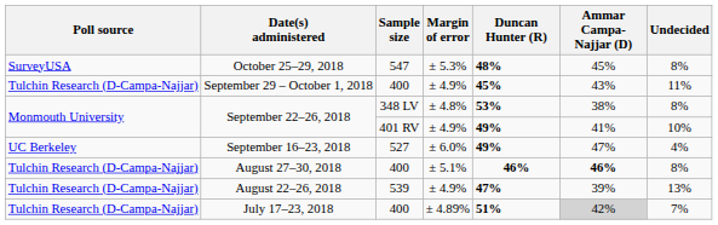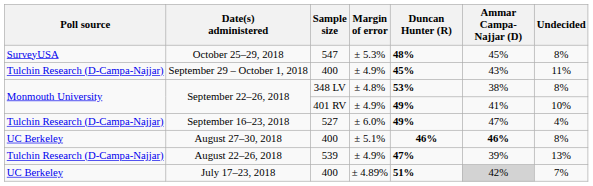 <table class="wikitable">
 <tr>
 <th>Poll source</th>
 <th>Date(s)<br>administered</th>
 <th>Sample<br>size</th>
 <th>Margin<br>of error</th>
 <th style="width:100px;">Duncan<br>Hunter (R)</th>
 <th style="width:100px;">Ammar<br>Campa-Najjar (D)</th>
 <th>Undecided</th>
 </tr>
 <tr>
 <td><a href='#'>SurveyUSA</a></td>
 <td style="text-align:center">October 25–29, 2018</td>
 <td style="text-align:center">547</td>
 <td style="text-align:center">± 5.3%</td>
 <td style="background-color:"><strong>48%</strong></td>
 <td style="text-align:center">45%</td>
 <td style="text-align:center">8%</td>
 </tr>
 <tr>
 <td><a href='#'>Tulchin Research (D-Campa-Najjar)</a></td>
 <td style="text-align:center">September 29 – October 1, 2018</td>
 <td style="text-align:center">400</td>
 <td style="text-align:center">± 4.9%</td>
 <td style="background-color:"><strong>45%</strong></td>
 <td style="text-align:center">43%</td>
 <td style="text-align:center">11%</td>
 </tr>
 <tr>
 <td rowspan=2><a href='#'>Monmouth University</a></td>
 <td rowspan=2 style="text-align:center">September 22–26, 2018</td>
 <td style="text-align:center">348 LV</td>
 <td style="text-align:center">± 4.8%</td>
 <td style="background-color:"><strong>53%</strong></td>
 <td style="text-align:center">38%</td>
 <td style="text-align:center">8%</td>
 </tr>
 <tr>
 <td style="text-align:center">401 RV</td>
 <td style="text-align:center">± 4.9%</td>
 <td style="background-color:"><strong>49%</strong></td>
 <td style="text-align:center">41%</td>
 <td style="text-align:center">10%</td>
 </tr>
 <tr>
-<td><a href='#'>UC Berkeley</a></td>
+<td><a href='#'>Tulchin Research (D-Campa-Najjar)</a></td>
 <td style="text-align:center">September 16–23, 2018</td>
 <td style="text-align:center">527</td>
 <td style="text-align:center">± 6.0%</td>
 <td style="background-color:"><strong>49%</strong></td>
 <td style="text-align:center">47%</td>
 <td style="text-align:center">4%</td>
 </tr>
 <tr>
-<td><a href='#'>Tulchin Research (D-Campa-Najjar)</a></td>
+<td><a href='#'>UC Berkeley</a></td>
 <td style="text-align:center">August 27–30, 2018</td>
 <td style="text-align:center">400</td>
 <td style="text-align:center">± 5.1%</td>
 <td style="text-align:center"><strong>46%</strong></td>
 <td style="text-align:center"><strong>46%</strong></td>
 <td style="text-align:center">8%</td>
 </tr>
 <tr>
 <td><a href='#'>Tulchin Research (D-Campa-Najjar)</a></td>
 <td style="text-align:center">August 22–26, 2018</td>
 <td style="text-align:center">539</td>
 <td style="text-align:center">± 4.9%</td>
 <td style="background-color:"><strong>47%</strong></td>
 <td style="text-align:center">39%</td>
 <td style="text-align:center">13%</td>
 </tr>
 <tr>
-<td><a href='#'>Tulchin Research (D-Campa-Najjar)</a></td>
+<td><a href='#'>UC Berkeley</a></td>
 <td style="text-align:center">July 17–23, 2018</td>
 <td style="text-align:center">400</td>
 <td style="text-align:center">± 4.89%</td>
 <td style="background-color:"><strong>51%</strong></td>
 <td style="background: lightgrey; text-align:center">42%</td>
 <td style="text-align:center">7%</td>
 </tr>
 </table>
